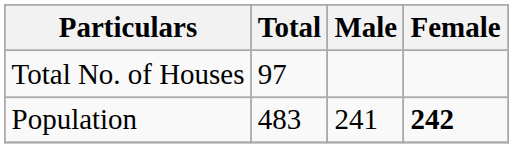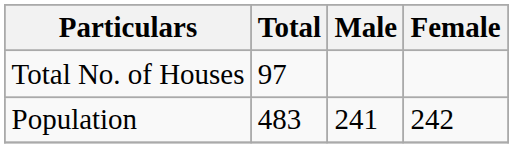 <table class="wikitable sortable">
 <tr>
 <th>Particulars</th>
 <th>Total</th>
 <th>Male</th>
 <th>Female</th>
 </tr>
 <tr>
 <td>Total No. of Houses</td>
 <td>97</td>
 <td></td>
 <td></td>
 </tr>
 <tr>
 <td>Population</td>
 <td>483</td>
 <td>241</td>
-<td><strong>242</strong></td>
+<td>242</td>
 </tr>
 <tr>
 </tr>
 </table>
